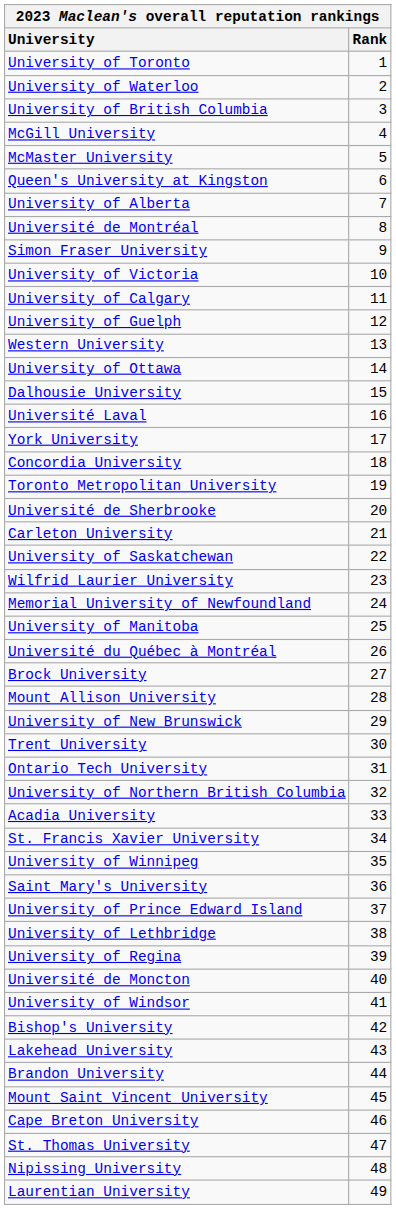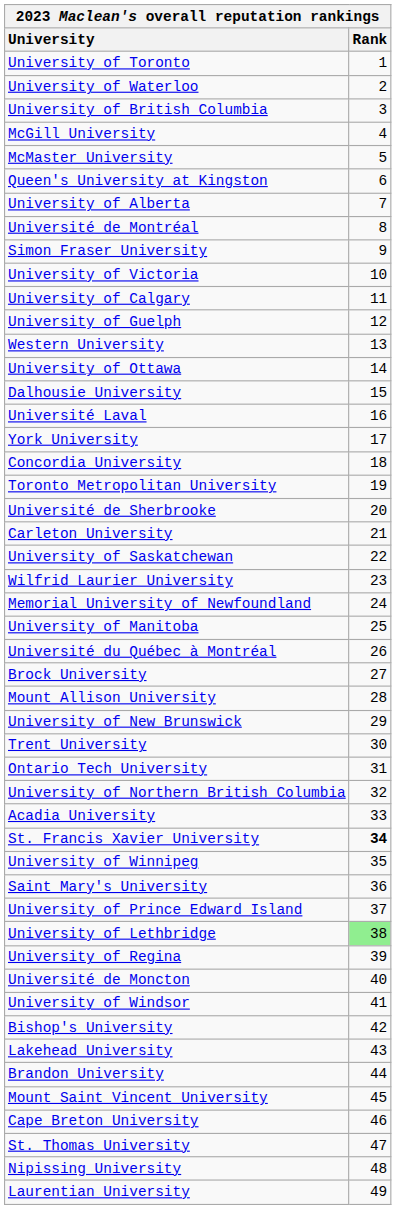 <table class="wikitable sortable mw-collapsible mw-collapsed" style="text-align:right;">
 <tr>
 <th colspan="2">2023 <em>Maclean's</em> overall reputation rankings</th>
 </tr>
 <tr>
 <th style="text-align:left;">University</th>
 <th>Rank</th>
 </tr>
 <tr>
 <td style="text-align:left;"><a href='#'>University of Toronto</a></td>
 <td>1</td>
 </tr>
 <tr>
 <td style="text-align:left;"><a href='#'>University of Waterloo</a></td>
 <td>2</td>
 </tr>
 <tr>
 <td style="text-align:left;"><a href='#'>University of British Columbia</a></td>
 <td>3</td>
 </tr>
 <tr>
 <td style="text-align:left;"><a href='#'>McGill University</a></td>
 <td>4</td>
 </tr>
 <tr>
 <td style="text-align:left;"><a href='#'>McMaster University</a></td>
 <td>5</td>
 </tr>
 <tr>
 <td style="text-align:left;"><a href='#'>Queen's University at Kingston</a></td>
 <td>6</td>
 </tr>
 <tr>
 <td style="text-align:left;"><a href='#'>University of Alberta</a></td>
 <td>7</td>
 </tr>
 <tr>
 <td style="text-align:left;"><a href='#'>Université de Montréal</a></td>
 <td>8</td>
 </tr>
 <tr>
 <td style="text-align:left;"><a href='#'>Simon Fraser University</a></td>
 <td>9</td>
 </tr>
 <tr>
 <td style="text-align:left;"><a href='#'>University of Victoria</a></td>
 <td>10</td>
 </tr>
 <tr>
 <td style="text-align:left;"><a href='#'>University of Calgary</a></td>
 <td>11</td>
 </tr>
 <tr>
 <td style="text-align:left;"><a href='#'>University of Guelph</a></td>
 <td>12</td>
 </tr>
 <tr>
 <td style="text-align:left;"><a href='#'>Western University</a></td>
 <td>13</td>
 </tr>
 <tr>
 <td style="text-align:left;"><a href='#'>University of Ottawa</a></td>
 <td>14</td>
 </tr>
 <tr>
 <td style="text-align:left;"><a href='#'>Dalhousie University</a></td>
 <td>15</td>
 </tr>
 <tr>
 <td style="text-align:left;"><a href='#'>Université Laval</a></td>
 <td>16</td>
 </tr>
 <tr>
 <td style="text-align:left;"><a href='#'>York University</a></td>
 <td>17</td>
 </tr>
 <tr>
 <td style="text-align:left;"><a href='#'>Concordia University</a></td>
 <td>18</td>
 </tr>
 <tr>
 <td style="text-align:left;"><a href='#'>Toronto Metropolitan University</a></td>
 <td>19</td>
 </tr>
 <tr>
 <td style="text-align:left;"><a href='#'>Université de Sherbrooke</a></td>
 <td>20</td>
 </tr>
 <tr>
 <td style="text-align:left;"><a href='#'>Carleton University</a></td>
 <td>21</td>
 </tr>
 <tr>
 <td style="text-align:left;"><a href='#'>University of Saskatchewan</a></td>
 <td>22</td>
 </tr>
 <tr>
 <td style="text-align:left;"><a href='#'>Wilfrid Laurier University</a></td>
 <td>23</td>
 </tr>
 <tr>
 <td style="text-align:left;"><a href='#'>Memorial University of Newfoundland</a></td>
 <td>24</td>
 </tr>
 <tr>
 <td style="text-align:left;"><a href='#'>University of Manitoba</a></td>
 <td>25</td>
 </tr>
 <tr>
 <td style="text-align:left;"><a href='#'>Université du Québec à Montréal</a></td>
 <td>26</td>
 </tr>
 <tr>
 <td style="text-align:left;"><a href='#'>Brock University</a></td>
 <td>27</td>
 </tr>
 <tr>
 <td style="text-align:left;"><a href='#'>Mount Allison University</a></td>
 <td>28</td>
 </tr>
 <tr>
 <td style="text-align:left;"><a href='#'>University of New Brunswick</a></td>
 <td>29</td>
 </tr>
 <tr>
 <td style="text-align:left;"><a href='#'>Trent University</a></td>
 <td>30</td>
 </tr>
 <tr>
 <td style="text-align:left;"><a href='#'>Ontario Tech University</a></td>
 <td>31</td>
 </tr>
 <tr>
 <td style="text-align:left;"><a href='#'>University of Northern British Columbia</a></td>
 <td>32</td>
 </tr>
 <tr>
 <td style="text-align:left;"><a href='#'>Acadia University</a></td>
 <td>33</td>
 </tr>
 <tr>
 <td style="text-align:left;"><a href='#'>St. Francis Xavier University</a></td>
-<td>34</td>
+<td><strong>34</strong></td>
 </tr>
 <tr>
 <td style="text-align:left;"><a href='#'>University of Winnipeg</a></td>
 <td>35</td>
 </tr>
 <tr>
 <td style="text-align:left;"><a href='#'>Saint Mary's University</a></td>
 <td>36</td>
 </tr>
 <tr>
 <td style="text-align:left;"><a href='#'>University of Prince Edward Island</a></td>
 <td>37</td>
 </tr>
 <tr>
 <td style="text-align:left;"><a href='#'>University of Lethbridge</a></td>
-<td>38</td>
+<td style="background: lightgreen;">38</td>
 </tr>
 <tr>
 <td style="text-align:left;"><a href='#'>University of Regina</a></td>
 <td>39</td>
 </tr>
 <tr>
 <td style="text-align:left;"><a href='#'>Université de Moncton</a></td>
 <td>40</td>
 </tr>
 <tr>
 <td style="text-align:left;"><a href='#'>University of Windsor</a></td>
 <td>41</td>
 </tr>
 <tr>
 <td style="text-align:left;"><a href='#'>Bishop's University</a></td>
 <td>42</td>
 </tr>
 <tr>
 <td style="text-align:left;"><a href='#'>Lakehead University</a></td>
 <td>43</td>
 </tr>
 <tr>
 <td style="text-align:left;"><a href='#'>Brandon University</a></td>
 <td>44</td>
 </tr>
 <tr>
 <td style="text-align:left;"><a href='#'>Mount Saint Vincent University</a></td>
 <td>45</td>
 </tr>
 <tr>
 <td style="text-align:left;"><a href='#'>Cape Breton University</a></td>
 <td>46</td>
 </tr>
 <tr>
 <td style="text-align:left;"><a href='#'>St. Thomas University</a></td>
 <td>47</td>
 </tr>
 <tr>
 <td style="text-align:left;"><a href='#'>Nipissing University</a></td>
 <td>48</td>
 </tr>
 <tr>
 <td style="text-align:left;"><a href='#'>Laurentian University</a></td>
 <td>49</td>
 </tr>
 </table>
